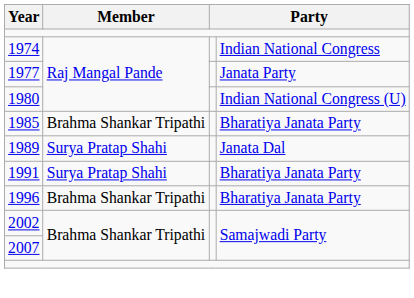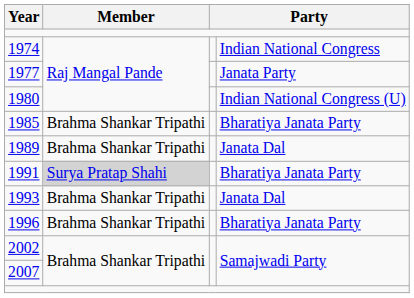 <table class="wikitable">
 <tr>
 <th>Year</th>
 <th>Member</th>
 <th colspan="2">Party</th>
 </tr>
 <tr>
 <td colspan="4"></td>
 </tr>
 <tr>
 <td><a href='#'>1974</a></td>
 <td rowspan="3"><a href='#'>Raj Mangal Pande</a></td>
 <td style="background-color: "></td>
 <td><a href='#'>Indian National Congress</a></td>
 </tr>
 <tr>
 <td><a href='#'>1977</a></td>
 <td style="background-color: "></td>
 <td><a href='#'>Janata Party</a></td>
 </tr>
 <tr>
 <td><a href='#'>1980</a></td>
 <td style="background-color: "></td>
 <td><a href='#'>Indian National Congress (U)</a></td>
 </tr>
 <tr>
 <td><a href='#'>1985</a></td>
 <td>Brahma Shankar Tripathi</td>
 <td style="background-color: "></td>
 <td><a href='#'>Bharatiya Janata Party</a></td>
 </tr>
 <tr>
 <td><a href='#'>1989</a></td>
-<td><a href='#'>Surya Pratap Shahi</a></td>
+<td>Brahma Shankar Tripathi</td>
 <td style="background-color: "></td>
 <td><a href='#'>Janata Dal</a></td>
 </tr>
 <tr>
 <td><a href='#'>1991</a></td>
-<td><a href='#'>Surya Pratap Shahi</a></td>
+<td style="background: lightgrey;"><a href='#'>Surya Pratap Shahi</a></td>
 <td style="background-color: "></td>
 <td><a href='#'>Bharatiya Janata Party</a></td>
+</tr>
+<tr>
+<td><a href='#'>1993</a></td>
+<td>Brahma Shankar Tripathi</td>
+<td style="background-color: "></td>
+<td><a href='#'>Janata Dal</a></td>
 </tr>
 <tr>
 <td><a href='#'>1996</a></td>
 <td>Brahma Shankar Tripathi</td>
 <td style="background-color: "></td>
 <td><a href='#'>Bharatiya Janata Party</a></td>
 </tr>
 <tr>
 <td><a href='#'>2002</a></td>
 <td rowspan="2">Brahma Shankar Tripathi</td>
 <td rowspan="2" style="background-color: "></td>
 <td rowspan="2"><a href='#'>Samajwadi Party</a></td>
 </tr>
 <tr>
 <td><a href='#'>2007</a></td>
 </tr>
 <tr>
 <td colspan="4"></td>
 </tr>
 </table>
